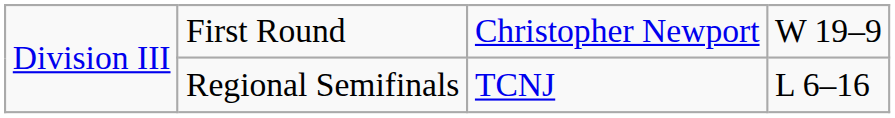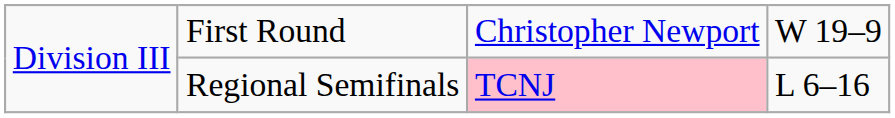 <table class="wikitable">
 <tr>
 <td rowspan="5"><a href='#'>Division III</a></td>
 <td>First Round</td>
 <td><a href='#'>Christopher Newport</a></td>
 <td>W 19–9</td>
 </tr>
 <tr>
 <td>Regional Semifinals</td>
-<td><a href='#'>TCNJ</a></td>
+<td style="background: pink;"><a href='#'>TCNJ</a></td>
 <td>L 6–16</td>
 </tr>
 </table>
